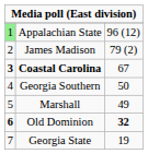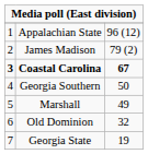 <table class="wikitable" style="display: inline-table;">
 <tr>
 <td align="center" Colspan="3"><strong>Media poll (East division)</strong></td>
 </tr>
 <tr align="center">
 </tr>
 <tr align="center">
-<td style="background: lightgreen;">1</td>
+<td>1</td>
 <td>Appalachian State</td>
 <td>96 (12)</td>
 </tr>
 <tr align="center">
 <td>2</td>
 <td>James Madison</td>
 <td>79 (2)</td>
 </tr>
 <tr align="center">
 <td><strong>3</strong></td>
 <td><strong>Coastal Carolina</strong></td>
-<td>67</td>
+<td><strong>67</strong></td>
 </tr>
 <tr align="center">
 <td>4</td>
 <td>Georgia Southern</td>
 <td>50</td>
 </tr>
 <tr align="center">
 <td>5</td>
 <td>Marshall</td>
 <td>49</td>
 </tr>
 <tr align="center">
-<td><strong>6</strong></td>
+<td>6</td>
 <td>Old Dominion</td>
-<td><strong>32</strong></td>
+<td>32</td>
 </tr>
 <tr align="center">
 <td>7</td>
 <td>Georgia State</td>
 <td>19</td>
 </tr>
 </table>
